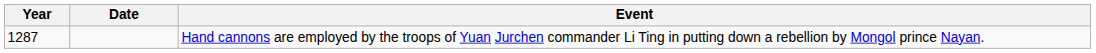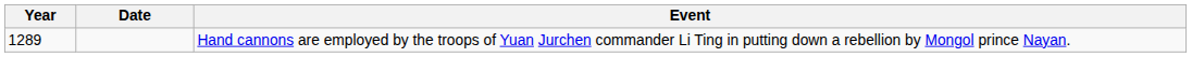 <table class="wikitable" width="100%">
 <tr>
 <th style="width:6%">Year</th>
 <th style="width:10%">Date</th>
 <th>Event</th>
 </tr>
 <tr>
-<td>1287</td>
+<td>1289</td>
 <td></td>
 <td><a href='#'>Hand cannons</a> are employed by the troops of <a href='#'>Yuan</a> <a href='#'>Jurchen</a> commander Li Ting in putting down a rebellion by <a href='#'>Mongol</a> prince <a href='#'>Nayan</a>.</td>
 </tr>
 </table>
